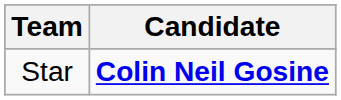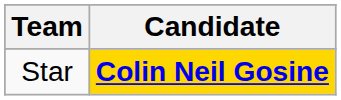 <table class="wikitable" style="text-align:center">
 <tr>
 <th>Team</th>
 <th>Candidate</th>
 </tr>
 <tr>
 <td>Star</td>
-<td><strong><a href='#'>Colin Neil Gosine</a></strong></td>
+<td style="background: gold;"><strong><a href='#'>Colin Neil Gosine</a></strong></td>
 </tr>
 </table>
